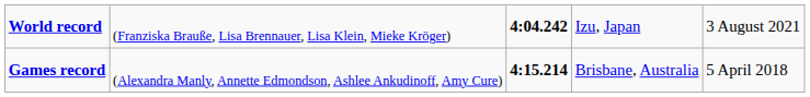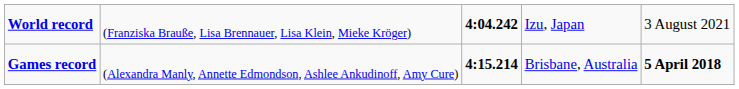 <table class="wikitable">
 <tr>
 <td><a href='#'><strong>World record</strong></a></td>
 <td><br><small>(<a href='#'>Franziska Brauße</a>, <a href='#'>Lisa Brennauer</a>, <a href='#'>Lisa Klein</a>, <a href='#'>Mieke Kröger</a>)</small></td>
 <td><strong>4:04.242</strong></td>
 <td><a href='#'>Izu</a>, <a href='#'>Japan</a></td>
 <td>3 August 2021</td>
 </tr>
 <tr>
 <td><a href='#'><strong>Games record</strong></a></td>
 <td><br><small>(<a href='#'>Alexandra Manly</a>, <a href='#'>Annette Edmondson</a>, <a href='#'>Ashlee Ankudinoff</a>, <a href='#'>Amy Cure</a>)</small></td>
 <td><strong>4:15.214</strong></td>
 <td><a href='#'>Brisbane</a>, <a href='#'>Australia</a></td>
-<td>5 April 2018</td>
+<td><strong>5 April 2018</strong></td>
 </tr>
 </table>
